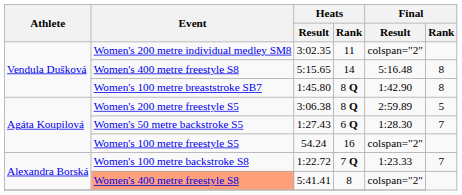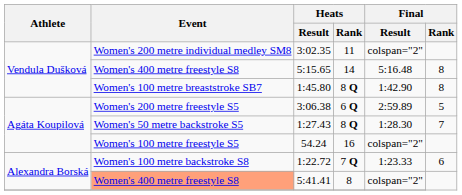 <table class=wikitable style="font-size:90%">
 <tr>
 <th rowspan="2">Athlete</th>
 <th rowspan="2">Event</th>
 <th colspan="2">Heats</th>
 <th colspan="2">Final</th>
 </tr>
 <tr>
 <th>Result</th>
 <th>Rank</th>
 <th>Result</th>
 <th>Rank</th>
 </tr>
 <tr align=center>
 <td align=left rowspan=3><a href='#'>Vendula Dušková</a></td>
 <td align=left><a href='#'>Women's 200 metre individual medley SM8</a></td>
 <td>3:02.35</td>
 <td>11</td>
 <td>colspan="2" </td>
 </tr>
 <tr align=center>
 <td align=left><a href='#'>Women's 400 metre freestyle S8</a></td>
 <td>5:15.65</td>
 <td>14</td>
 <td>5:16.48</td>
 <td>8</td>
 </tr>
 <tr align=center>
 <td align=left><a href='#'>Women's 100 metre breaststroke SB7</a></td>
 <td>1:45.80</td>
 <td>8 <strong>Q</strong></td>
 <td>1:42.90</td>
 <td>8</td>
 </tr>
 <tr align=center>
 <td align=left rowspan=3><a href='#'>Agáta Koupilová</a></td>
 <td align=left><a href='#'>Women's 200 metre freestyle S5</a></td>
 <td>3:06.38</td>
-<td>8 <strong>Q</strong></td>
+<td>6 <strong>Q</strong></td>
 <td>2:59.89</td>
 <td>5</td>
 </tr>
 <tr align=center>
 <td align=left><a href='#'>Women's 50 metre backstroke S5</a></td>
 <td>1:27.43</td>
-<td>6 <strong>Q</strong></td>
+<td>8 <strong>Q</strong></td>
 <td>1:28.30</td>
 <td>7</td>
 </tr>
 <tr align=center>
 <td align=left><a href='#'>Women's 100 metre freestyle S5</a></td>
 <td>54.24</td>
 <td>16</td>
 <td>colspan="2" </td>
 </tr>
 <tr align=center>
 <td align=left rowspan=2><a href='#'>Alexandra Borská</a></td>
 <td align=left><a href='#'>Women's 100 metre backstroke S8</a></td>
 <td>1:22.72</td>
 <td>7 <strong>Q</strong></td>
 <td>1:23.33</td>
-<td>7</td>
+<td>6</td>
 </tr>
 <tr align=center>
 <td align=left style="background: lightsalmon;"><a href='#'>Women's 400 metre freestyle S8</a></td>
 <td>5:41.41</td>
 <td>8</td>
 <td>colspan="2" </td>
 </tr>
 <tr align=center>
 </tr>
 </table>
